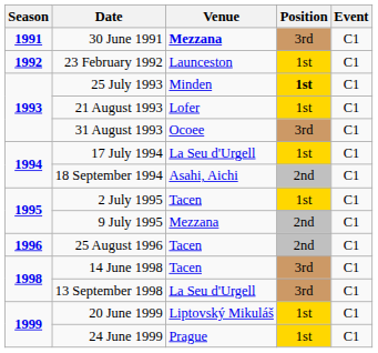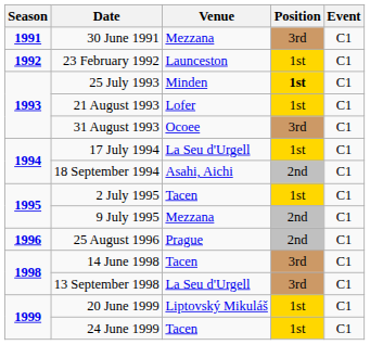 <table class="wikitable" style="text-align:center; font-size:95%;">
 <tr>
 <th>Season</th>
 <th>Date</th>
 <th>Venue</th>
 <th>Position</th>
 <th>Event</th>
 </tr>
 <tr>
 <td><strong><a href='#'>1991</a></strong></td>
 <td align=right>30 June 1991</td>
-<td align=left><strong><a href='#'>Mezzana</a></strong></td>
+<td align=left><a href='#'>Mezzana</a></td>
 <td bgcolor=cc9966>3rd</td>
 <td>C1</td>
 </tr>
 <tr>
 <td><strong><a href='#'>1992</a></strong></td>
 <td align=right>23 February 1992</td>
 <td align=left><a href='#'>Launceston</a></td>
 <td bgcolor=gold>1st</td>
 <td>C1</td>
 </tr>
 <tr>
 <td rowspan=3><strong><a href='#'>1993</a></strong></td>
 <td align=right>25 July 1993</td>
 <td align=left><a href='#'>Minden</a></td>
 <td bgcolor=gold><strong>1st</strong></td>
 <td>C1</td>
 </tr>
 <tr>
 <td align=right>21 August 1993</td>
 <td align=left><a href='#'>Lofer</a></td>
 <td bgcolor=gold>1st</td>
 <td>C1</td>
 </tr>
 <tr>
 <td align=right>31 August 1993</td>
 <td align=left><a href='#'>Ocoee</a></td>
 <td bgcolor=cc9966>3rd</td>
 <td>C1</td>
 </tr>
 <tr>
 <td rowspan=2><strong><a href='#'>1994</a></strong></td>
 <td align=right>17 July 1994</td>
 <td align=left><a href='#'>La Seu d'Urgell</a></td>
 <td bgcolor=gold>1st</td>
 <td>C1</td>
 </tr>
 <tr>
 <td align=right>18 September 1994</td>
 <td align=left><a href='#'>Asahi, Aichi</a></td>
 <td bgcolor=silver>2nd</td>
 <td>C1</td>
 </tr>
 <tr>
 <td rowspan=2><strong><a href='#'>1995</a></strong></td>
 <td align=right>2 July 1995</td>
 <td align=left><a href='#'>Tacen</a></td>
 <td bgcolor=gold>1st</td>
 <td>C1</td>
 </tr>
 <tr>
 <td align=right>9 July 1995</td>
 <td align=left><a href='#'>Mezzana</a></td>
 <td bgcolor=silver>2nd</td>
 <td>C1</td>
 </tr>
 <tr>
 <td><strong><a href='#'>1996</a></strong></td>
 <td align=right>25 August 1996</td>
-<td align=left><a href='#'>Tacen</a></td>
+<td align=left><a href='#'>Prague</a></td>
 <td bgcolor=silver>2nd</td>
 <td>C1</td>
 </tr>
 <tr>
 <td rowspan=2><strong><a href='#'>1998</a></strong></td>
 <td align=right>14 June 1998</td>
 <td align=left><a href='#'>Tacen</a></td>
 <td bgcolor=cc9966>3rd</td>
 <td>C1</td>
 </tr>
 <tr>
 <td align=right>13 September 1998</td>
 <td align=left><a href='#'>La Seu d'Urgell</a></td>
 <td bgcolor=cc9966>3rd</td>
 <td>C1</td>
 </tr>
 <tr>
 <td rowspan=2><strong><a href='#'>1999</a></strong></td>
 <td align=right>20 June 1999</td>
 <td align=left><a href='#'>Liptovský Mikuláš</a></td>
 <td bgcolor=gold>1st</td>
 <td>C1</td>
 </tr>
 <tr>
 <td align=right>24 June 1999</td>
-<td align=left><a href='#'>Prague</a></td>
+<td align=left><a href='#'>Tacen</a></td>
 <td bgcolor=gold>1st</td>
 <td>C1</td>
 </tr>
 </table>
